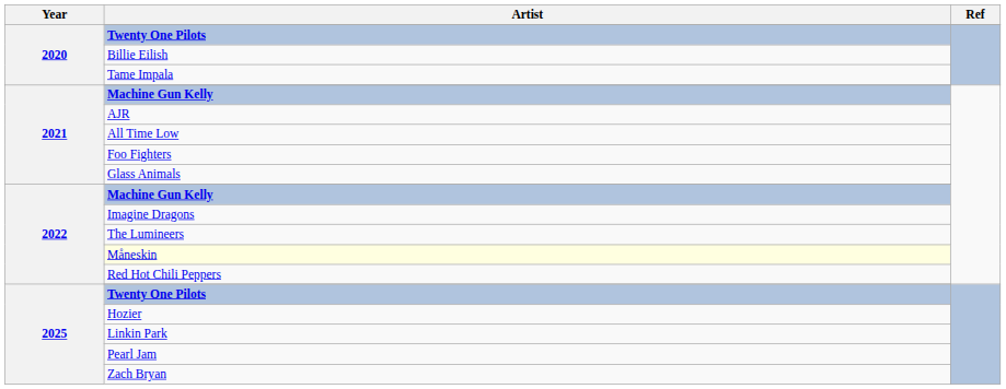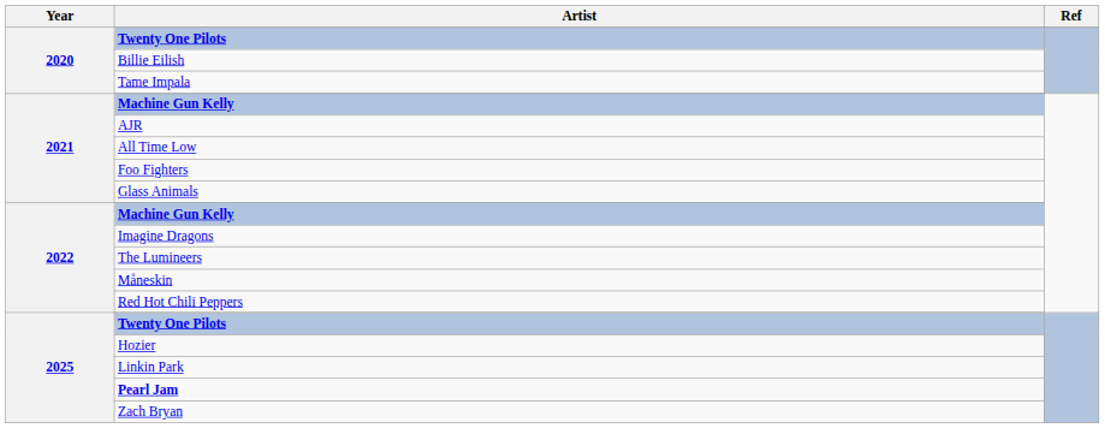 <table class="wikitable" width="100%">
 <tr>
 <th width="10%">Year</th>
 <th width="85%">Artist</th>
 <th width="5%">Ref</th>
 </tr>
 <tr>
 <th rowspan="4" align="center"><a href='#'>2020<br></a></th>
 </tr>
 <tr style="background:#B0C4DE">
 <td><strong><a href='#'>Twenty One Pilots</a></strong></td>
 <td rowspan=3 align="center"></td>
 </tr>
 <tr>
 <td><a href='#'>Billie Eilish</a></td>
 </tr>
 <tr>
 <td><a href='#'>Tame Impala</a></td>
 </tr>
 <tr>
 <th rowspan="6" align="center"><a href='#'>2021<br></a></th>
 </tr>
 <tr style="background:#B0C4DE">
 <td><strong><a href='#'>Machine Gun Kelly</a></strong></td>
 </tr>
 <tr>
 <td><a href='#'>AJR</a></td>
 </tr>
 <tr>
 <td><a href='#'>All Time Low</a></td>
 </tr>
 <tr>
 <td><a href='#'>Foo Fighters</a></td>
 </tr>
 <tr>
 <td><a href='#'>Glass Animals</a></td>
 </tr>
 <tr>
 <th rowspan="6" align="center"><a href='#'>2022<br></a></th>
 </tr>
 <tr style="background:#B0C4DE">
 <td><strong><a href='#'>Machine Gun Kelly</a></strong></td>
 </tr>
 <tr>
 <td><a href='#'>Imagine Dragons</a></td>
 </tr>
 <tr>
 <td><a href='#'>The Lumineers</a></td>
 </tr>
 <tr>
-<td style="background: lightyellow;"><a href='#'>Måneskin</a></td>
+<td><a href='#'>Måneskin</a></td>
 </tr>
 <tr>
 <td><a href='#'>Red Hot Chili Peppers</a></td>
 </tr>
 <tr>
 <th rowspan="6" align="center"><a href='#'>2025<br></a></th>
 </tr>
 <tr style="background:#B0C4DE">
 <td><strong><a href='#'>Twenty One Pilots</a></strong></td>
 <td rowspan="6" align="center"></td>
 </tr>
 <tr>
 <td><a href='#'>Hozier</a></td>
 </tr>
 <tr>
 <td><a href='#'>Linkin Park</a></td>
 </tr>
 <tr>
-<td><a href='#'>Pearl Jam</a></td>
+<td><strong><a href='#'>Pearl Jam</a></strong></td>
 </tr>
 <tr>
 <td><a href='#'>Zach Bryan</a></td>
 </tr>
 </table>
